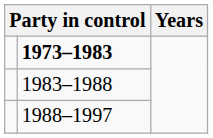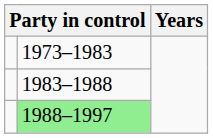 <table class="wikitable">
 <tr>
 <th colspan="2">Party in control</th>
 <th>Years</th>
 </tr>
 <tr>
 <td></td>
-<td><strong>1973–1983</strong></td>
+<td>1973–1983</td>
 </tr>
 <tr>
 <td></td>
 <td>1983–1988</td>
 </tr>
 <tr>
 <td></td>
-<td>1988–1997</td>
+<td style="background: lightgreen;">1988–1997</td>
 </tr>
 </table>
